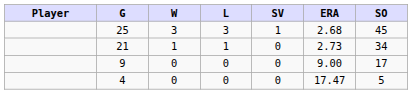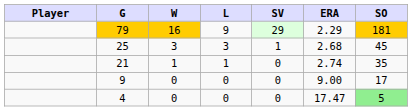 <table class="wikitable sortable">
 <tr>
 <th style="background:#ddf; width:16%;">Player</th>
 <th style="background:#ddf; width:9%;">G</th>
 <th style="background:#ddf; width:9%;">W</th>
 <th style="background:#ddf; width:9%;">L</th>
 <th style="background:#ddf; width:9%;">SV</th>
 <th style="background:#ddf; width:9%;">ERA</th>
 <th style="background:#ddf; width:9%;">SO</th>
+</tr>
+<tr style="text-align:center;">
+<td></td>
+<td style="background:#fc0;">79</td>
+<td style="background:#fc0;">16</td>
+<td>9</td>
+<td style="background:#DDFFDD;">29</td>
+<td>2.29</td>
+<td bgcolor="#FFCC00">181</td>
 </tr>
 <tr style="text-align:center">
 <td></td>
 <td>25</td>
 <td>3</td>
 <td>3</td>
 <td>1</td>
 <td>2.68</td>
 <td>45</td>
 </tr>
 <tr align=center>
 <td></td>
 <td>21</td>
 <td>1</td>
 <td>1</td>
 <td>0</td>
-<td>2.73</td>
-<td>34</td>
+<td>2.74</td>
+<td>35</td>
 </tr>
 <tr align=center>
 <td></td>
 <td>9</td>
 <td>0</td>
 <td>0</td>
 <td>0</td>
 <td>9.00</td>
 <td>17</td>
 </tr>
 <tr style="text-align:center;">
 <td></td>
 <td>4</td>
 <td>0</td>
 <td>0</td>
 <td>0</td>
 <td>17.47</td>
-<td>5</td>
+<td style="background: lightgreen;">5</td>
 </tr>
 </table>
